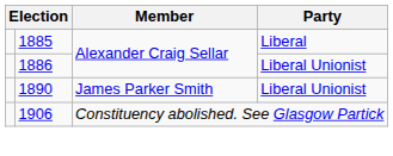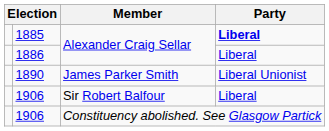 <table class="wikitable">
 <tr>
 <th colspan="2">Election</th>
 <th>Member  </th>
 <th>Party</th>
 </tr>
 <tr>
 <td style="color:inherit;background-color: "></td>
 <td><a href='#'>1885</a></td>
 <td rowspan="2"><a href='#'>Alexander Craig Sellar</a></td>
-<td><a href='#'>Liberal</a></td>
+<td><strong><a href='#'>Liberal</a></strong></td>
 </tr>
 <tr>
 <td style="color:inherit;background-color: "></td>
 <td><a href='#'>1886</a></td>
-<td><a href='#'>Liberal Unionist</a></td>
+<td><a href='#'>Liberal</a></td>
 </tr>
 <tr>
 <td style="color:inherit;background-color: "></td>
 <td><a href='#'>1890</a></td>
 <td><a href='#'>James Parker Smith</a></td>
 <td><a href='#'>Liberal Unionist</a></td>
 </tr>
 <tr>
+<td style="color:inherit;background-color: "></td>
+<td><a href='#'>1906</a></td>
+<td>Sir <a href='#'>Robert Balfour</a></td>
+<td><a href='#'>Liberal</a></td>
+</tr>
+<tr>
 <td></td>
 <td><a href='#'>1906</a></td>
 <td colspan="2"><em>Constituency abolished.  See <a href='#'>Glasgow Partick</a></em></td>
 </tr>
 </table>
